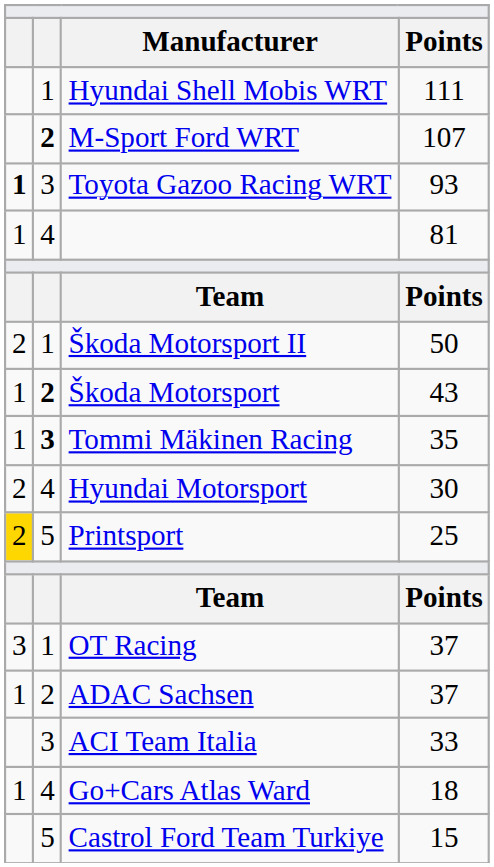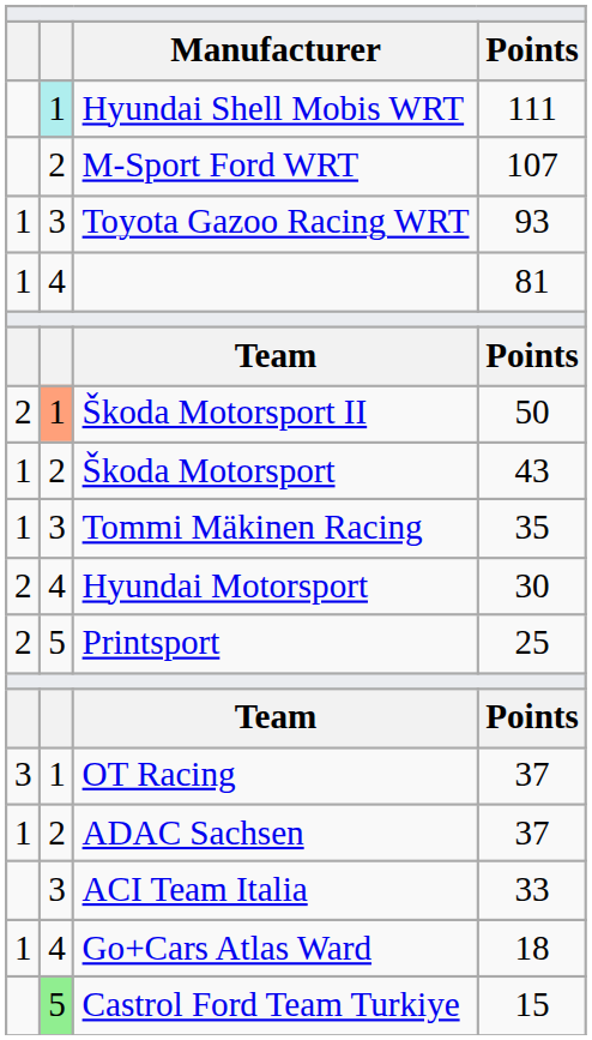 <table class="wikitable" style="font-size: 85%;">
 <tr>
 <td style="background-color:#EAECF0; text-align:center" colspan="4"></td>
 </tr>
 <tr>
 <th></th>
 <th></th>
 <th>Manufacturer</th>
 <th>Points</th>
 </tr>
 <tr>
 <td align="left"></td>
-<td align="center">1</td>
+<td align="center" style="background: paleturquoise;">1</td>
 <td> <a href='#'>Hyundai Shell Mobis WRT</a></td>
 <td align="center">111</td>
 </tr>
 <tr>
 <td align="left"></td>
-<td align="center"><strong>2</strong></td>
+<td align="center">2</td>
 <td> <a href='#'>M-Sport Ford WRT</a></td>
 <td align="center">107</td>
 </tr>
 <tr>
-<td align="left"><strong> 1</strong></td>
+<td align="left"> 1</td>
 <td align="center">3</td>
 <td> <a href='#'>Toyota Gazoo Racing WRT</a></td>
 <td align="center">93</td>
 </tr>
 <tr>
 <td align="left"> 1</td>
 <td align="center">4</td>
 <td></td>
 <td align="center">81</td>
 </tr>
 <tr>
 <td style="background-color:#EAECF0; text-align:center" colspan="4"></td>
 </tr>
 <tr>
 <th></th>
 <th></th>
 <th>Team</th>
 <th>Points</th>
 </tr>
 <tr>
 <td align="left"> 2</td>
-<td align="center">1</td>
+<td align="center" style="background: lightsalmon;">1</td>
 <td> <a href='#'>Škoda Motorsport II</a></td>
 <td align="center">50</td>
 </tr>
 <tr>
 <td align="left"> 1</td>
-<td align="center"><strong>2</strong></td>
+<td align="center">2</td>
 <td> <a href='#'>Škoda Motorsport</a></td>
 <td align="center">43</td>
 </tr>
 <tr>
 <td align="left"> 1</td>
-<td align="center"><strong>3</strong></td>
+<td align="center">3</td>
 <td> <a href='#'>Tommi Mäkinen Racing</a></td>
 <td align="center">35</td>
 </tr>
 <tr>
 <td align="left"> 2</td>
 <td align="center">4</td>
 <td> <a href='#'>Hyundai Motorsport</a></td>
 <td align="center">30</td>
 </tr>
 <tr>
-<td align="left" style="background: gold;"> 2</td>
+<td align="left"> 2</td>
 <td align="center">5</td>
 <td> <a href='#'>Printsport</a></td>
 <td align="center">25</td>
 </tr>
 <tr>
 <td style="background-color:#EAECF0; text-align:center" colspan="4"></td>
 </tr>
 <tr>
 <th></th>
 <th></th>
 <th>Team</th>
 <th>Points</th>
 </tr>
 <tr>
 <td align="left"> 3</td>
 <td align="center">1</td>
 <td> <a href='#'>OT Racing</a></td>
 <td align="center">37</td>
 </tr>
 <tr>
 <td align="left"> 1</td>
 <td align="center">2</td>
 <td> <a href='#'>ADAC Sachsen</a></td>
 <td align="center">37</td>
 </tr>
 <tr>
 <td align="left"></td>
 <td align="center">3</td>
 <td> <a href='#'>ACI Team Italia</a></td>
 <td align="center">33</td>
 </tr>
 <tr>
 <td align="left"> 1</td>
 <td align="center">4</td>
 <td> <a href='#'>Go+Cars Atlas Ward</a></td>
 <td align="center">18</td>
 </tr>
 <tr>
 <td align="left"></td>
-<td align="center">5</td>
+<td align="center" style="background: lightgreen;">5</td>
 <td> <a href='#'>Castrol Ford Team Turkiye</a></td>
 <td align="center">15</td>
 </tr>
 </table>
